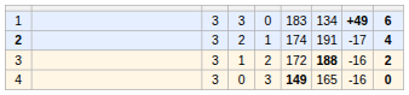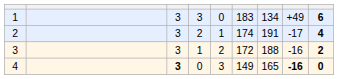 <table class="wikitable" style="text-align:center; font-size:95%">
 <tr>
 <th width="25"></th>
 <th width="200"></th>
 <th width="25"></th>
 <th width="25"></th>
 <th width="25"></th>
 <th width="30"></th>
 <th width="30"></th>
 <th width="30"></th>
 <th width="30"></th>
 </tr>
 <tr style="background:#e6efff">
 <td>1</td>
 <td style="text-align:left"></td>
 <td>3</td>
 <td>3</td>
 <td>0</td>
 <td>183</td>
 <td>134</td>
-<td><strong>+49</strong></td>
+<td>+49</td>
 <td><strong>6</strong></td>
 </tr>
 <tr style="background:#e6efff">
-<td><strong>2</strong></td>
+<td>2</td>
 <td style="text-align:left"></td>
 <td>3</td>
 <td>2</td>
 <td>1</td>
 <td>174</td>
 <td>191</td>
 <td>-17</td>
 <td><strong>4</strong></td>
 </tr>
 <tr style="background:#fff6e6">
 <td>3</td>
 <td style="text-align:left"></td>
 <td>3</td>
 <td>1</td>
 <td>2</td>
 <td>172</td>
-<td><strong>188</strong></td>
+<td>188</td>
 <td>-16</td>
 <td><strong>2</strong></td>
 </tr>
 <tr style="background:#fff6e6">
 <td>4</td>
 <td style="text-align:left"></td>
-<td>3</td>
+<td><strong>3</strong></td>
 <td>0</td>
 <td>3</td>
-<td><strong>149</strong></td>
+<td>149</td>
 <td>165</td>
-<td>-16</td>
+<td><strong>-16</strong></td>
 <td><strong>0</strong></td>
 </tr>
 </table>
